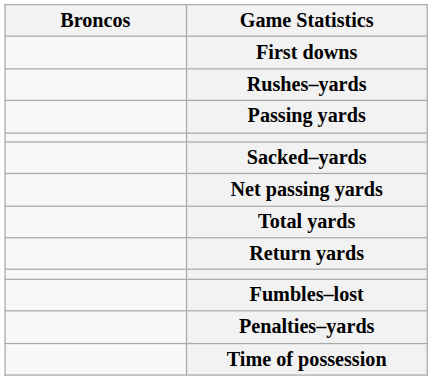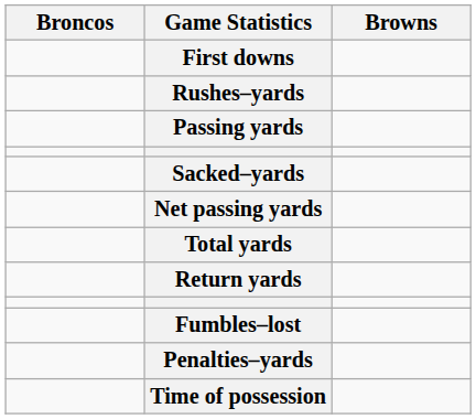 <table class="wikitable" style="margin: 1em auto 1em auto">
 <tr>
 <th style="width:30%;">Broncos</th>
 <th style="width:40%;">Game Statistics</th>
+<th style="width:30%;">Browns</th>
 </tr>
 <tr>
 <td style="text-align:right;"></td>
 <th>First downs</th>
+<td></td>
 </tr>
 <tr>
 <td style="text-align:right;"></td>
 <th>Rushes–yards</th>
+<td></td>
 </tr>
 <tr>
 <td style="text-align:right;"></td>
 <th>Passing yards</th>
+<td></td>
 </tr>
 <tr>
 <td style="text-align:right;"></td>
 <th></th>
+<td></td>
 </tr>
 <tr>
 <td style="text-align:right;"></td>
 <th>Sacked–yards</th>
+<td></td>
 </tr>
 <tr>
 <td style="text-align:right;"></td>
 <th>Net passing yards</th>
+<td></td>
 </tr>
 <tr>
 <td style="text-align:right;"></td>
 <th>Total yards</th>
+<td></td>
 </tr>
 <tr>
 <td style="text-align:right;"></td>
 <th>Return yards</th>
+<td></td>
 </tr>
 <tr>
 <td style="text-align:right;"></td>
 <th></th>
+<td></td>
 </tr>
 <tr>
 <td style="text-align:right;"></td>
 <th>Fumbles–lost</th>
+<td></td>
 </tr>
 <tr>
 <td style="text-align:right;"></td>
 <th>Penalties–yards</th>
+<td></td>
 </tr>
 <tr>
 <td style="text-align:right;"></td>
 <th>Time of possession</th>
+<td></td>
 </tr>
 </table>
